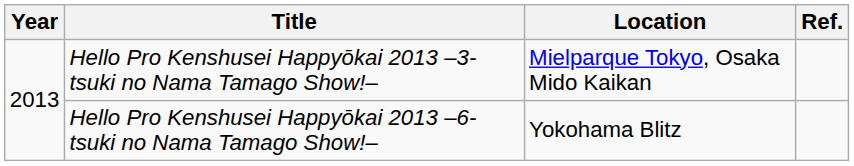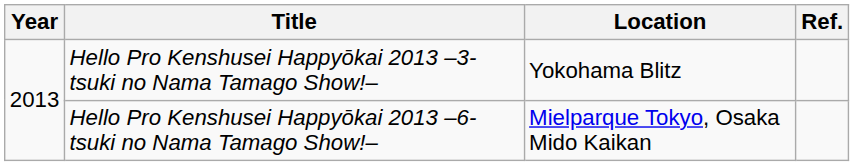 <table class="wikitable">
 <tr>
 <th>Year</th>
 <th>Title</th>
 <th>Location</th>
 <th>Ref.</th>
 </tr>
 <tr>
 <td rowspan="2">2013</td>
 <td><em>Hello Pro Kenshusei Happyōkai 2013 –3-tsuki no Nama Tamago Show!–</em></td>
-<td><a href='#'>Mielparque Tokyo</a>, Osaka Mido Kaikan</td>
+<td>Yokohama Blitz</td>
 <td></td>
 </tr>
 <tr>
 <td><em>Hello Pro Kenshusei Happyōkai 2013 –6-tsuki no Nama Tamago Show!–</em></td>
-<td>Yokohama Blitz</td>
+<td><a href='#'>Mielparque Tokyo</a>, Osaka Mido Kaikan</td>
 <td></td>
 </tr>
 </table>
